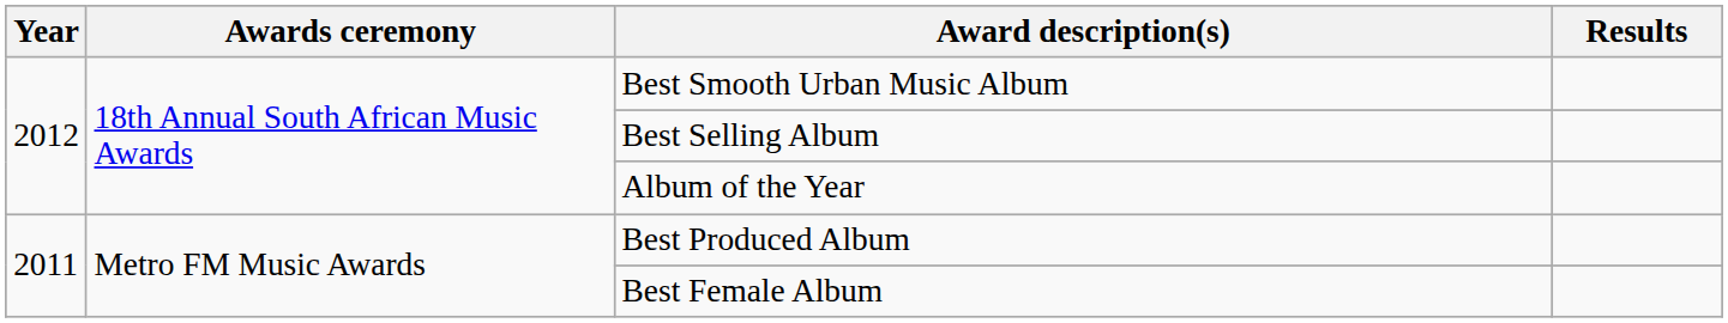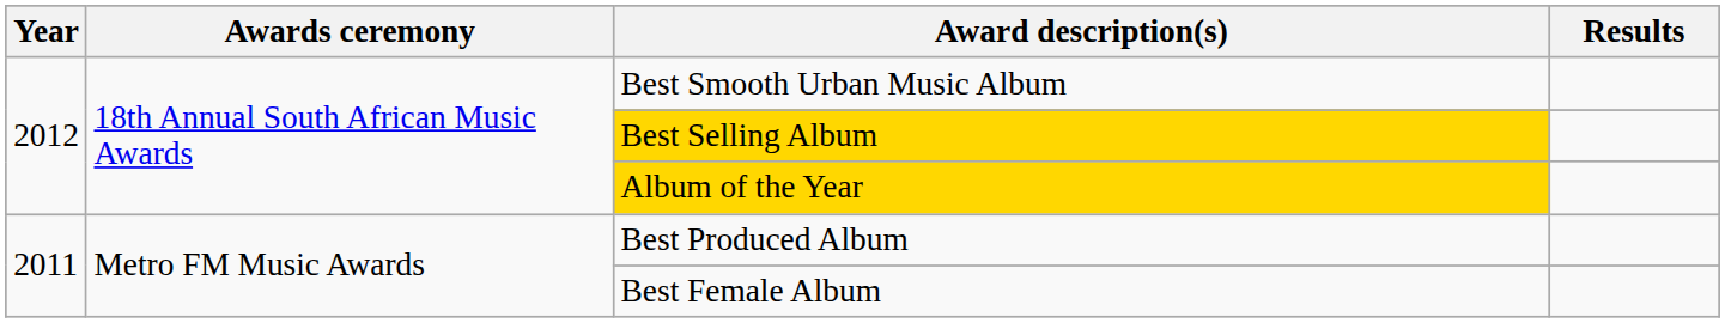 <table class="wikitable">
 <tr>
 <th>Year</th>
 <th width="250">Awards ceremony</th>
 <th width="450">Award description(s)</th>
 <th width="75">Results</th>
 </tr>
 <tr>
 <td rowspan="3">2012</td>
 <td rowspan="3"><a href='#'>18th Annual South African Music Awards</a></td>
 <td>Best Smooth Urban Music Album</td>
 <td></td>
 </tr>
 <tr>
-<td>Best Selling Album</td>
+<td style="background: gold;">Best Selling Album</td>
 <td></td>
 </tr>
 <tr>
-<td>Album of the Year</td>
+<td style="background: gold;">Album of the Year</td>
 <td></td>
 </tr>
 <tr>
 <td rowspan="2">2011</td>
 <td rowspan="2">Metro FM Music Awards</td>
 <td>Best Produced Album</td>
 <td></td>
 </tr>
 <tr>
 <td>Best Female Album</td>
 <td></td>
 </tr>
 </table>
